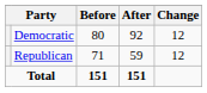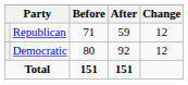 <table class="wikitable" style="text-align:center;">
 <tr>
 </tr>
 <tr>
 <th colspan=2>Party</th>
 <th>Before</th>
 <th>After</th>
 <th>Change</th>
 </tr>
 <tr>
 <th style="background-color:"></th>
-<td style="text-align:left;"><a href='#'>Democratic</a></td>
-<td>80</td>
-<td>92</td>
+<td style="text-align:left;"><a href='#'>Republican</a></td>
+<td>71</td>
+<td>59</td>
 <td> 12</td>
 </tr>
 <tr>
 <th style="background-color:"></th>
-<td style="text-align:left;"><a href='#'>Republican</a></td>
-<td>71</td>
-<td>59</td>
+<td style="text-align:left;"><a href='#'>Democratic</a></td>
+<td>80</td>
+<td>92</td>
 <td> 12</td>
 </tr>
 <tr>
 <td colspan=2><strong>Total</strong></td>
 <td><strong>151</strong></td>
 <td><strong>151</strong></td>
 <td></td>
 </tr>
 </table>
